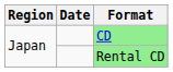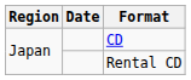 <table class="wikitable">
 <tr>
 <th>Region</th>
 <th>Date</th>
 <th>Format</th>
 </tr>
 <tr>
 <td rowspan="2">Japan</td>
 <td></td>
-<td style="background: lightgreen;"><a href='#'>CD</a></td>
+<td><a href='#'>CD</a></td>
 </tr>
 <tr>
 <td></td>
-<td style="background: lightgreen;">Rental CD</td>
+<td>Rental CD</td>
 </tr>
 </table>
